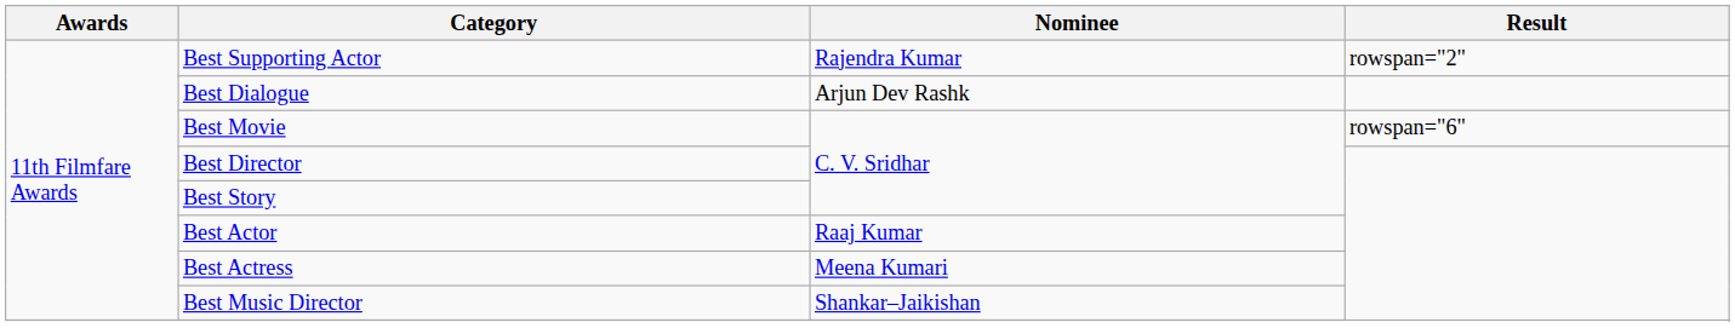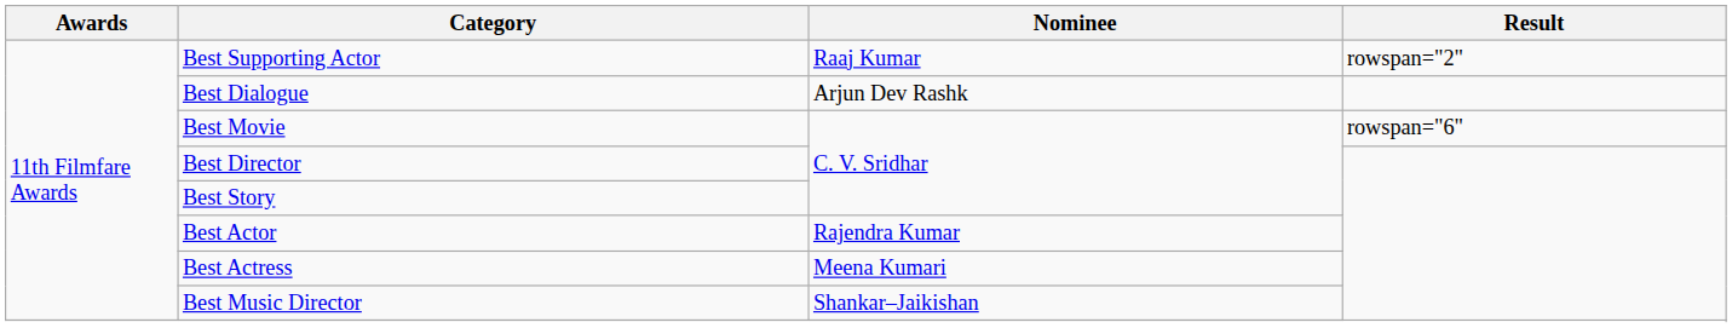 <table class="wikitable">
 <tr>
 <th Style="width:10%">Awards</th>
 <th>Category</th>
 <th>Nominee</th>
 <th>Result</th>
 </tr>
 <tr>
 <td rowspan="8"><a href='#'>11th Filmfare Awards</a></td>
 <td><a href='#'>Best Supporting Actor</a></td>
-<td><a href='#'>Rajendra Kumar</a></td>
+<td><a href='#'>Raaj Kumar</a></td>
 <td>rowspan="2"</td>
 </tr>
 <tr>
 <td><a href='#'>Best Dialogue</a></td>
 <td>Arjun Dev Rashk</td>
 </tr>
 <tr>
 <td><a href='#'>Best Movie</a></td>
 <td rowspan="3"><a href='#'>C. V. Sridhar</a></td>
 <td>rowspan="6"</td>
 </tr>
 <tr>
 <td><a href='#'>Best Director</a></td>
 </tr>
 <tr>
 <td><a href='#'>Best Story</a></td>
 </tr>
 <tr>
 <td><a href='#'>Best Actor</a></td>
-<td><a href='#'>Raaj Kumar</a></td>
+<td><a href='#'>Rajendra Kumar</a></td>
 </tr>
 <tr>
 <td><a href='#'>Best Actress</a></td>
 <td><a href='#'>Meena Kumari</a></td>
 </tr>
 <tr>
 <td><a href='#'>Best Music Director</a></td>
 <td><a href='#'>Shankar–Jaikishan</a></td>
 </tr>
 <tr>
 </tr>
 </table>
